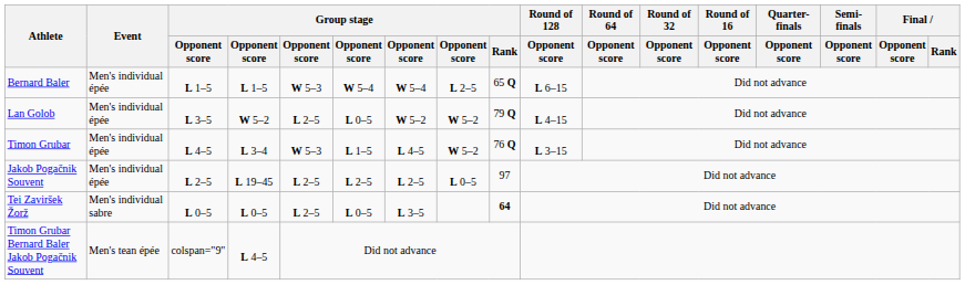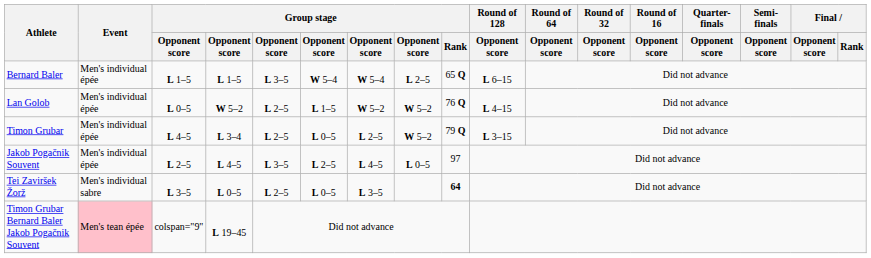 <table class="wikitable" style="font-size:90%; text-align:center">
 <tr>
 <th rowspan="2" width="100">Athlete</th>
 <th rowspan="2">Event</th>
 <th colspan="7">Group stage</th>
 <th>Round of 128</th>
 <th>Round of 64</th>
 <th>Round of 32</th>
 <th>Round of 16</th>
 <th>Quarter-finals</th>
 <th>Semi-finals</th>
 <th colspan="2">Final / </th>
 </tr>
 <tr>
 <th>Opponent<br>score</th>
 <th>Opponent<br>score</th>
 <th>Opponent<br>score</th>
 <th>Opponent<br>score</th>
 <th>Opponent<br>score</th>
 <th>Opponent<br>score</th>
 <th>Rank</th>
 <th>Opponent<br>score</th>
 <th>Opponent<br>score</th>
 <th>Opponent<br>score</th>
 <th>Opponent<br>score</th>
 <th>Opponent<br>score</th>
 <th>Opponent<br>score</th>
 <th>Opponent<br>score</th>
 <th>Rank</th>
 </tr>
 <tr>
 <td align="left"><a href='#'>Bernard Baler</a></td>
 <td align="left">Men's individual épée</td>
 <td><br><strong>L</strong> 1–5</td>
 <td><br><strong>L</strong> 1–5</td>
-<td><br><strong>W</strong> 5–3</td>
+<td><br><strong>L</strong> 3–5</td>
 <td><br><strong>W</strong> 5–4</td>
 <td><br><strong>W</strong> 5–4</td>
 <td><br><strong>L</strong> 2–5</td>
 <td>65 <strong>Q</strong></td>
 <td><br><strong>L</strong> 6–15</td>
 <td colspan="7">Did not advance</td>
 </tr>
 <tr>
 <td align="left"><a href='#'>Lan Golob</a></td>
 <td align="left">Men's individual épée</td>
-<td><br><strong>L</strong> 3–5</td>
+<td><br><strong>L</strong> 0–5</td>
 <td><br><strong>W</strong> 5–2</td>
 <td><br><strong>L</strong> 2–5</td>
-<td><br><strong>L</strong> 0–5</td>
+<td><br><strong>L</strong> 1–5</td>
 <td><br><strong>W</strong> 5–2</td>
 <td><br><strong>W</strong> 5–2</td>
-<td>79 <strong>Q</strong></td>
+<td>76 <strong>Q</strong></td>
 <td><br><strong>L</strong> 4–15</td>
 <td colspan="7">Did not advance</td>
 </tr>
 <tr>
 <td align="left"><a href='#'>Timon Grubar</a></td>
 <td align="left">Men's individual épée</td>
 <td><br><strong>L</strong> 4–5</td>
 <td><br><strong>L</strong> 3–4</td>
-<td><br><strong>W</strong> 5–3</td>
-<td><br><strong>L</strong> 1–5</td>
-<td><br><strong>L</strong> 4–5</td>
+<td><br><strong>L</strong> 2–5</td>
+<td><br><strong>L</strong> 0–5</td>
+<td><br><strong>L</strong> 2–5</td>
 <td><br><strong>W</strong> 5–2</td>
-<td>76 <strong>Q</strong></td>
+<td>79 <strong>Q</strong></td>
 <td><br><strong>L</strong> 3–15</td>
 <td colspan="7">Did not advance</td>
 </tr>
 <tr>
 <td align="left"><a href='#'>Jakob Pogačnik Souvent</a></td>
 <td align="left">Men's individual épée</td>
 <td><br><strong>L</strong> 2–5</td>
-<td><br><strong>L</strong> 19–45</td>
+<td><br><strong>L</strong> 4–5</td>
+<td><br><strong>L</strong> 3–5</td>
 <td><br><strong>L</strong> 2–5</td>
-<td><br><strong>L</strong> 2–5</td>
-<td><br><strong>L</strong> 2–5</td>
+<td><br><strong>L</strong> 4–5</td>
 <td><br><strong>L</strong> 0–5</td>
 <td>97</td>
 <td colspan="8">Did not advance</td>
 </tr>
 <tr>
 <td align="left"><a href='#'>Tei Zaviršek Žorž</a></td>
 <td align="left">Men's individual sabre</td>
-<td><br><strong>L</strong> 0–5</td>
+<td><br><strong>L</strong> 3–5</td>
 <td><br><strong>L</strong> 0–5</td>
 <td><br><strong>L</strong> 2–5</td>
 <td><br><strong>L</strong> 0–5</td>
 <td><br><strong>L</strong> 3–5</td>
 <td></td>
 <td><strong>64</strong></td>
 <td colspan="8">Did not advance</td>
 </tr>
 <tr>
 <td align="left"><a href='#'>Timon Grubar</a><br><a href='#'>Bernard Baler</a><br><a href='#'>Jakob Pogačnik Souvent</a></td>
-<td align="left">Men's tean épée</td>
+<td align="left" style="background: pink;">Men's tean épée</td>
 <td>colspan="9" </td>
-<td><br><strong>L</strong> 4–5</td>
+<td><br><strong>L</strong> 19–45</td>
 <td colspan="5">Did not advance</td>
 </tr>
 </table>
